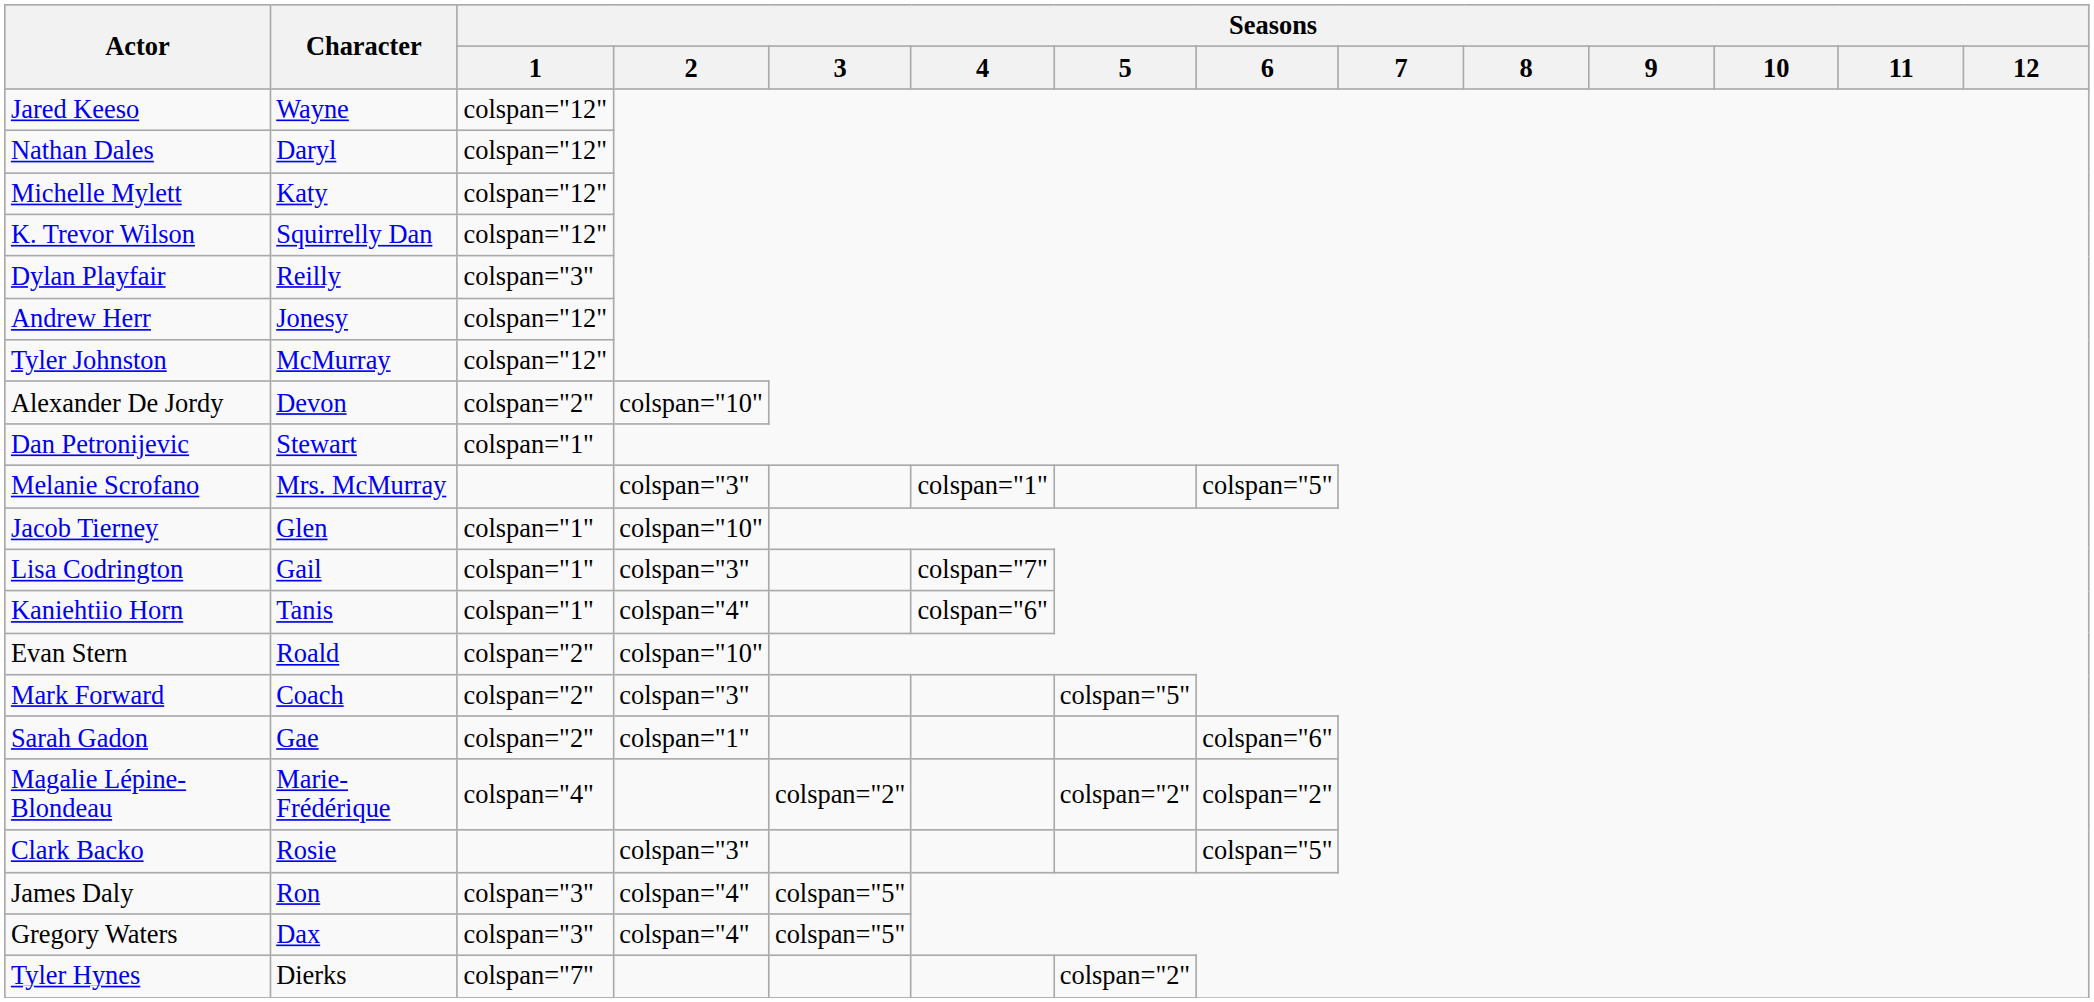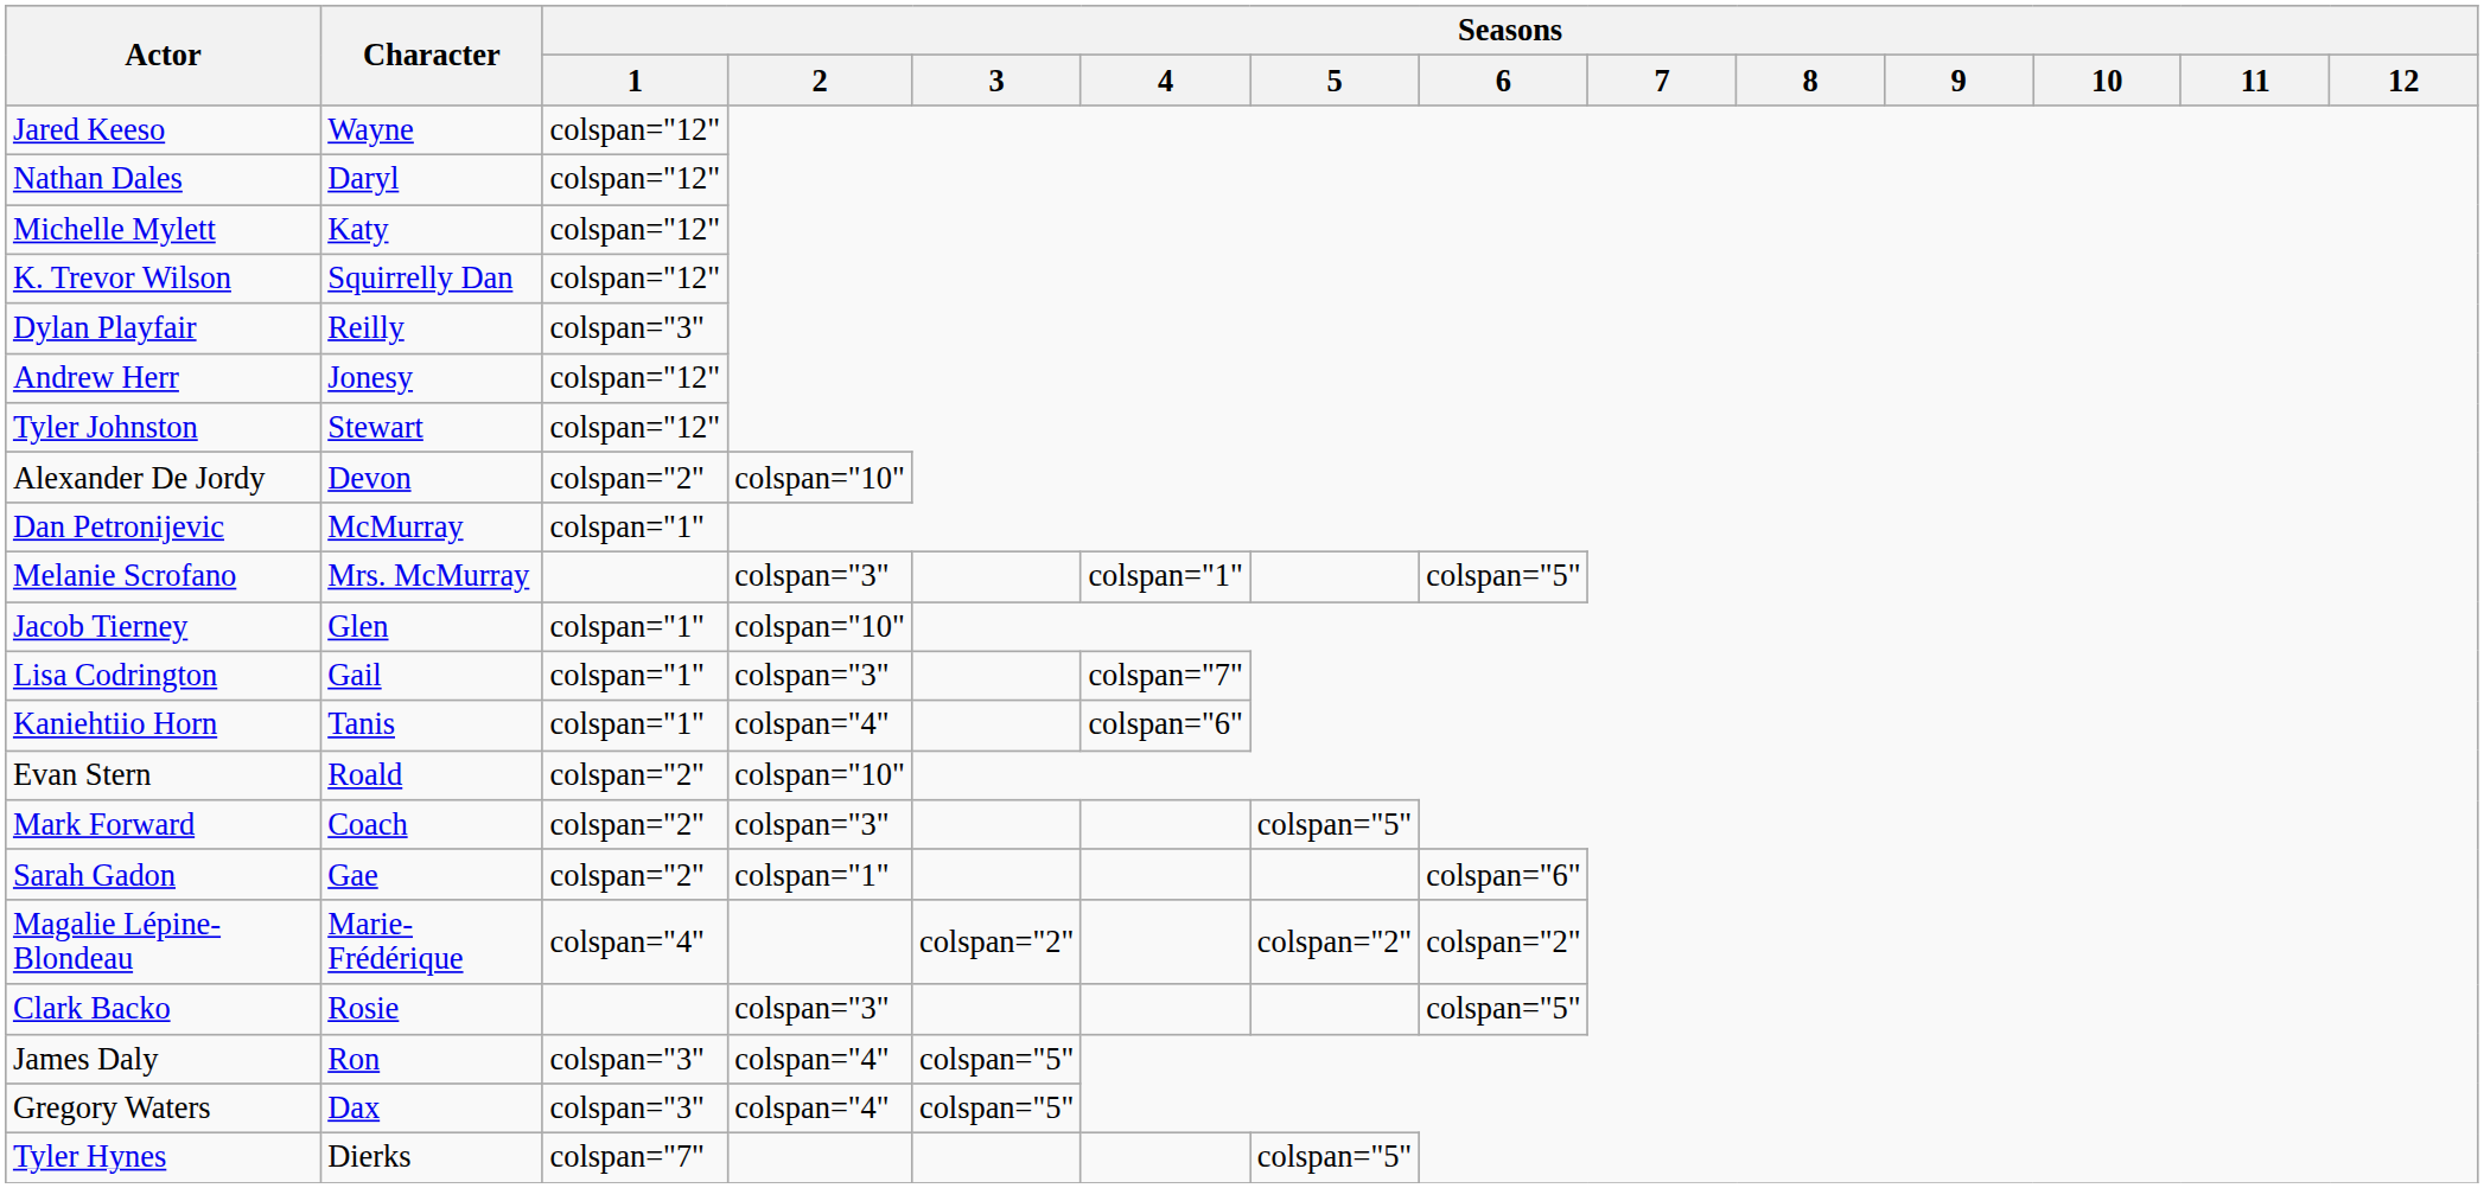 <table class="wikitable plainrowheaders" style="width:100%">
 <tr>
 <th scope="col" rowspan="2" style="width:fit-content">Actor</th>
 <th scope="col" rowspan="2" style="width:fit-content">Character</th>
 <th scope="col" colspan="12">Seasons</th>
 </tr>
 <tr>
 <th scope="col" style="width:6%;">1</th>
 <th scope="col" style="width:6%;">2</th>
 <th scope="col" style="width:6%;">3</th>
 <th scope="col" style="width:6%;">4</th>
 <th scope="col" style="width:6%;">5</th>
 <th scope="col" style="width:6%;">6</th>
 <th scope="col" style="width:6%;">7</th>
 <th scope="col" style="width:6%;">8</th>
 <th scope="col" style="width:6%;">9</th>
 <th scope="col" style="width:6%;">10</th>
 <th scope="col" style="width:6%;">11</th>
 <th scope="col" style="width:6%;">12</th>
 </tr>
 <tr>
 <td><a href='#'>Jared Keeso</a></td>
 <td><a href='#'>Wayne</a></td>
 <td>colspan="12" </td>
 </tr>
 <tr>
 <td><a href='#'>Nathan Dales</a></td>
 <td><a href='#'>Daryl</a></td>
 <td>colspan="12" </td>
 </tr>
 <tr>
 <td><a href='#'>Michelle Mylett</a></td>
 <td><a href='#'>Katy</a></td>
 <td>colspan="12" </td>
 </tr>
 <tr>
 <td><a href='#'>K. Trevor Wilson</a></td>
 <td><a href='#'>Squirrelly Dan</a></td>
 <td>colspan="12" </td>
 </tr>
 <tr>
 <td><a href='#'>Dylan Playfair</a></td>
 <td><a href='#'>Reilly</a></td>
 <td>colspan="3" </td>
 </tr>
 <tr>
 <td><a href='#'>Andrew Herr</a></td>
 <td><a href='#'>Jonesy</a></td>
 <td>colspan="12" </td>
 </tr>
 <tr>
 <td><a href='#'>Tyler Johnston</a></td>
-<td><a href='#'>McMurray</a></td>
+<td><a href='#'>Stewart</a></td>
 <td>colspan="12" </td>
 </tr>
 <tr>
 <td>Alexander De Jordy</td>
 <td><a href='#'>Devon</a></td>
 <td>colspan="2" </td>
 <td>colspan="10" </td>
 </tr>
 <tr>
 <td><a href='#'>Dan Petronijevic</a></td>
-<td><a href='#'>Stewart</a></td>
+<td><a href='#'>McMurray</a></td>
 <td>colspan="1" </td>
 </tr>
 <tr>
 <td><a href='#'>Melanie Scrofano</a></td>
 <td><a href='#'>Mrs. McMurray</a></td>
 <td></td>
 <td>colspan="3" </td>
 <td></td>
 <td>colspan="1" </td>
 <td></td>
 <td>colspan="5" </td>
 </tr>
 <tr>
 <td><a href='#'>Jacob Tierney</a></td>
 <td><a href='#'>Glen</a></td>
 <td>colspan="1" </td>
 <td>colspan="10" </td>
 </tr>
 <tr>
 <td><a href='#'>Lisa Codrington</a></td>
 <td><a href='#'>Gail</a></td>
 <td>colspan="1" </td>
 <td>colspan="3" </td>
 <td></td>
 <td>colspan="7" </td>
 </tr>
 <tr>
 <td><a href='#'>Kaniehtiio Horn</a></td>
 <td><a href='#'>Tanis</a></td>
 <td>colspan="1" </td>
 <td>colspan="4" </td>
 <td></td>
 <td>colspan="6" </td>
 </tr>
 <tr>
 <td>Evan Stern</td>
 <td><a href='#'>Roald</a></td>
 <td>colspan="2" </td>
 <td>colspan="10" </td>
 </tr>
 <tr>
 <td><a href='#'>Mark Forward</a></td>
 <td><a href='#'>Coach</a></td>
 <td>colspan="2" </td>
 <td>colspan="3" </td>
 <td></td>
 <td></td>
 <td>colspan="5" </td>
 </tr>
 <tr>
 <td><a href='#'>Sarah Gadon</a></td>
 <td><a href='#'>Gae</a></td>
 <td>colspan="2" </td>
 <td>colspan="1" </td>
 <td></td>
 <td></td>
 <td></td>
 <td>colspan="6" </td>
 </tr>
 <tr>
 <td><a href='#'>Magalie Lépine-Blondeau</a></td>
 <td><a href='#'>Marie-Frédérique</a></td>
 <td>colspan="4" </td>
 <td></td>
 <td>colspan="2" </td>
 <td></td>
 <td>colspan="2" </td>
 <td>colspan="2" </td>
 </tr>
 <tr>
 <td><a href='#'>Clark Backo</a></td>
 <td><a href='#'>Rosie</a></td>
 <td></td>
 <td>colspan="3" </td>
 <td></td>
 <td></td>
 <td></td>
 <td>colspan="5" </td>
 </tr>
 <tr>
 <td>James Daly</td>
 <td><a href='#'>Ron</a></td>
 <td>colspan="3" </td>
 <td>colspan="4" </td>
 <td>colspan="5" </td>
 </tr>
 <tr>
 <td>Gregory Waters</td>
 <td><a href='#'>Dax</a></td>
 <td>colspan="3" </td>
 <td>colspan="4" </td>
 <td>colspan="5" </td>
 </tr>
 <tr>
 <td><a href='#'>Tyler Hynes</a></td>
 <td>Dierks</td>
 <td>colspan="7" </td>
 <td></td>
 <td></td>
 <td></td>
-<td>colspan="2" </td>
+<td>colspan="5" </td>
 </tr>
 <tr>
 </tr>
 </table>
